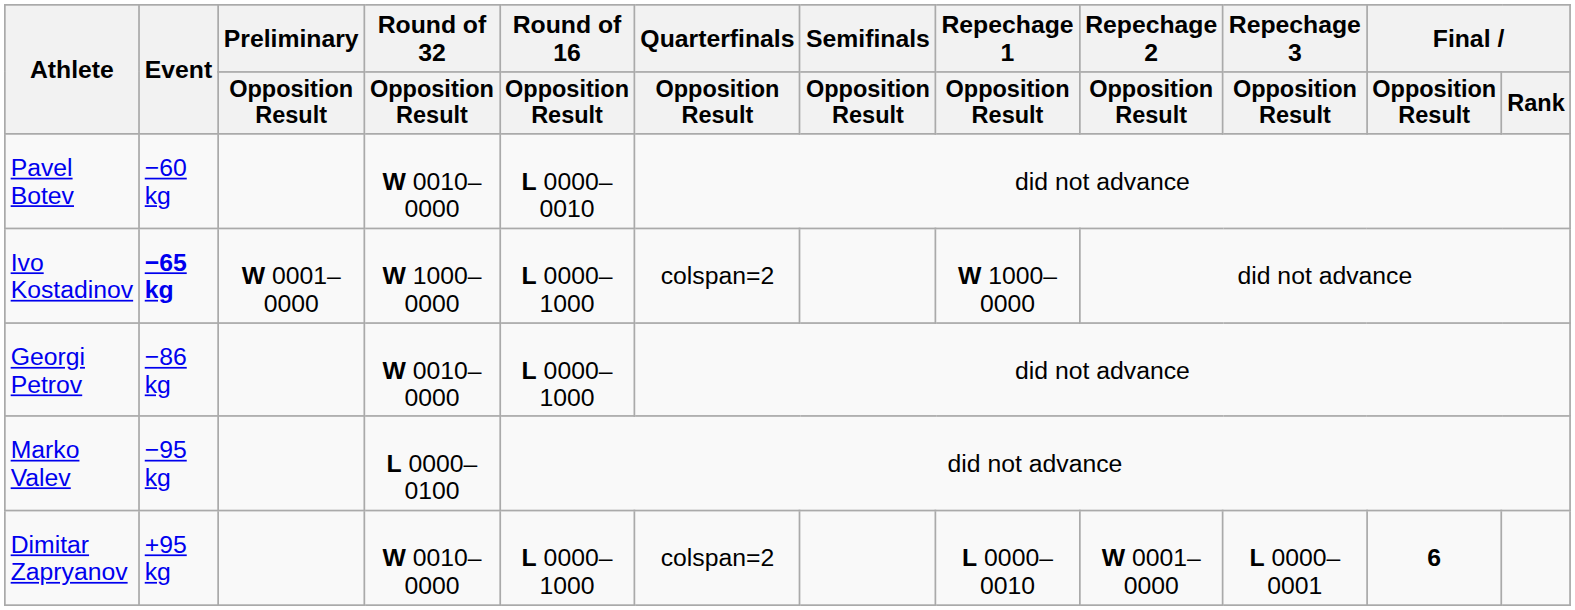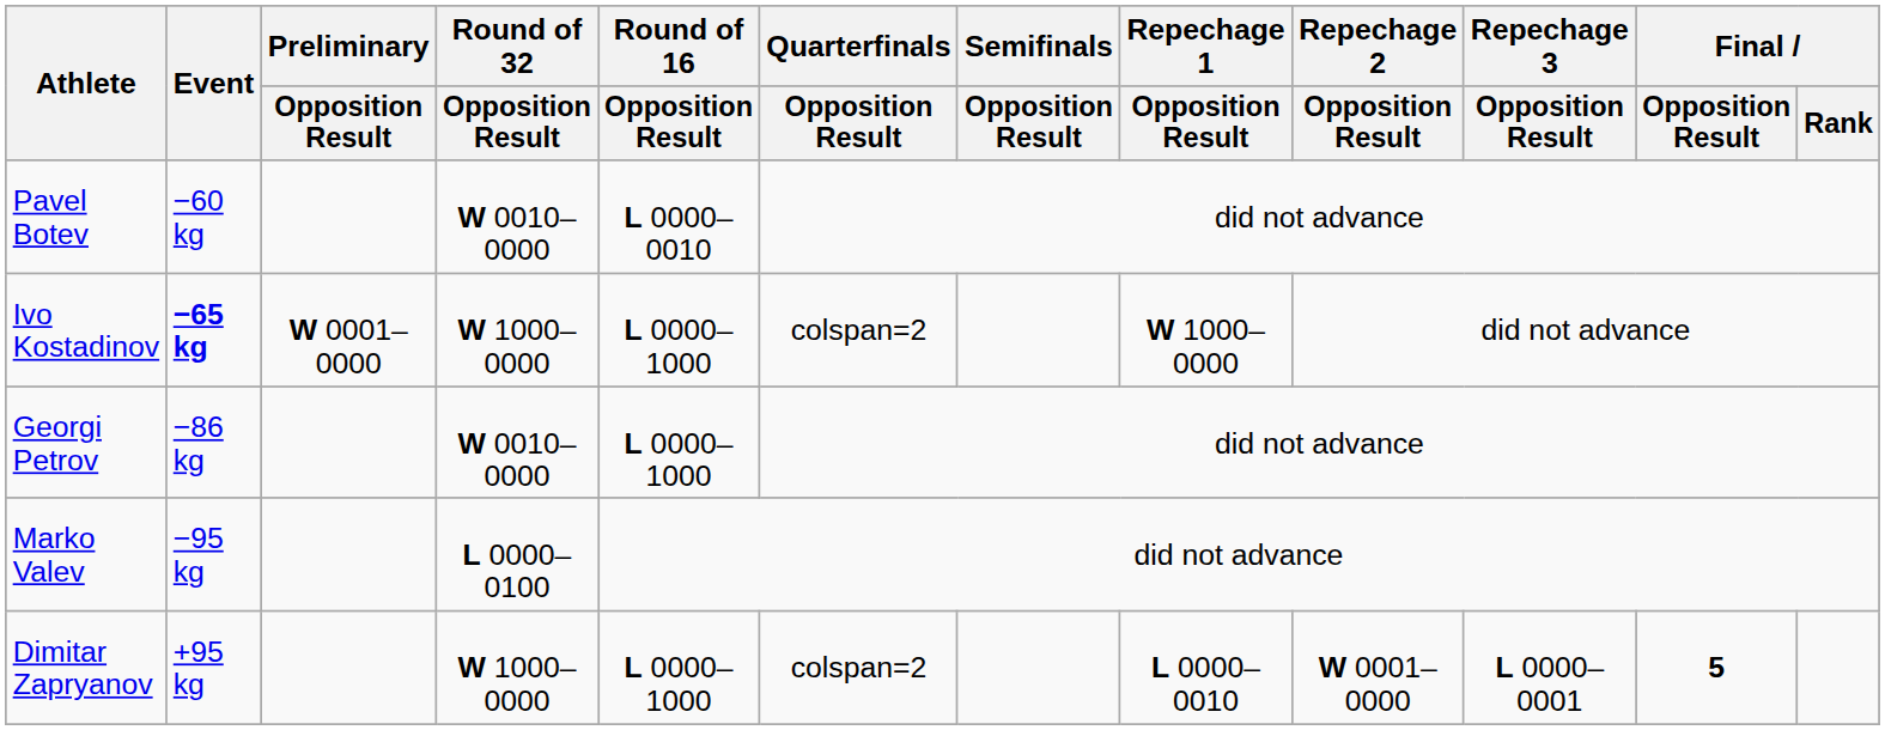 <table class="wikitable" style="font-size:90%; text-align:center;">
 <tr>
 <th rowspan="2">Athlete</th>
 <th rowspan="2">Event</th>
 <th>Preliminary</th>
 <th>Round of 32</th>
 <th>Round of 16</th>
 <th>Quarterfinals</th>
 <th>Semifinals</th>
 <th>Repechage 1</th>
 <th>Repechage 2</th>
 <th>Repechage 3</th>
 <th colspan=2>Final / </th>
 </tr>
 <tr style="font-size:95%">
 <th>Opposition<br>Result</th>
 <th>Opposition<br>Result</th>
 <th>Opposition<br>Result</th>
 <th>Opposition<br>Result</th>
 <th>Opposition<br>Result</th>
 <th>Opposition<br>Result</th>
 <th>Opposition<br>Result</th>
 <th>Opposition<br>Result</th>
 <th>Opposition<br>Result</th>
 <th>Rank</th>
 </tr>
 <tr>
 <td align=left><a href='#'>Pavel Botev</a></td>
 <td align=left><a href='#'>−60 kg</a></td>
 <td></td>
 <td><br><strong>W</strong> 0010–0000</td>
 <td><br><strong>L</strong> 0000–0010</td>
 <td colspan=8>did not advance</td>
 </tr>
 <tr>
 <td align=left><a href='#'>Ivo Kostadinov</a></td>
 <td align=left><strong><a href='#'>−65 kg</a></strong></td>
 <td><br><strong>W</strong> 0001–0000</td>
 <td><br><strong>W</strong> 1000–0000</td>
 <td><br><strong>L</strong> 0000–1000</td>
 <td>colspan=2 </td>
 <td></td>
 <td><br><strong>W</strong> 1000–0000</td>
 <td colspan=8>did not advance</td>
 </tr>
 <tr>
 <td align=left><a href='#'>Georgi Petrov</a></td>
 <td align=left><a href='#'>−86 kg</a></td>
 <td></td>
 <td><br><strong>W</strong> 0010–0000</td>
 <td><br><strong>L</strong> 0000–1000</td>
 <td colspan=8>did not advance</td>
 </tr>
 <tr>
 <td align=left><a href='#'>Marko Valev</a></td>
 <td align=left><a href='#'>−95 kg</a></td>
 <td></td>
 <td><br><strong>L</strong> 0000–0100</td>
 <td colspan=8>did not advance</td>
 </tr>
 <tr>
 <td align=left><a href='#'>Dimitar Zapryanov</a></td>
 <td align=left><a href='#'>+95 kg</a></td>
 <td></td>
-<td><br><strong>W</strong> 0010–0000</td>
+<td><br><strong>W</strong> 1000–0000</td>
 <td><br><strong>L</strong> 0000–1000</td>
 <td>colspan=2 </td>
 <td></td>
 <td><br><strong>L</strong> 0000–0010</td>
 <td><br><strong>W</strong> 0001–0000</td>
 <td><br><strong>L</strong> 0000–0001</td>
-<td><strong>6</strong></td>
+<td><strong>5</strong></td>
 </tr>
 </table>
